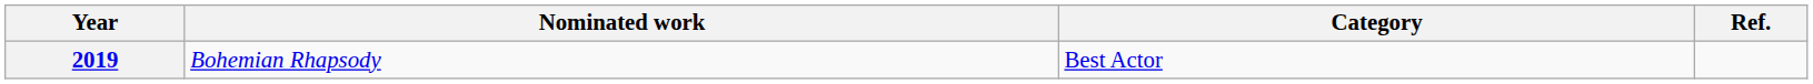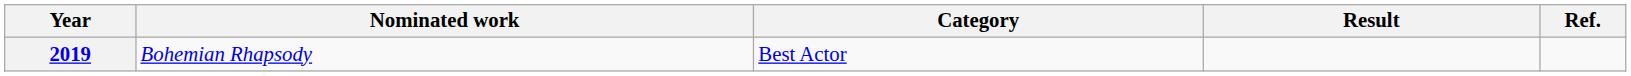 <table class="wikitable">
 <tr>
 <th width=2%>Year</th>
 <th width=11%>Nominated work</th>
 <th width=8%>Category</th>
+<th width=6%>Result</th>
 <th width=1%>Ref.</th>
 </tr>
 <tr>
 <th scope=row><a href='#'>2019</a></th>
 <td><em><a href='#'>Bohemian Rhapsody</a></em></td>
 <td><a href='#'>Best Actor</a></td>
+<td></td>
 <td align=center></td>
 </tr>
 </table>
